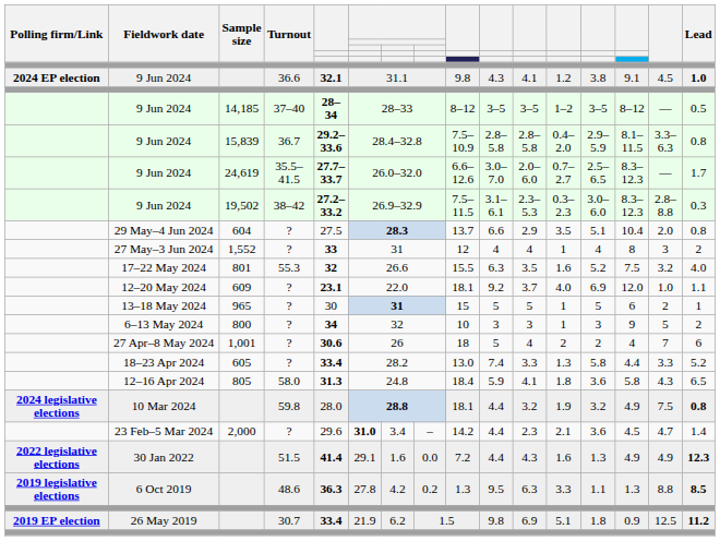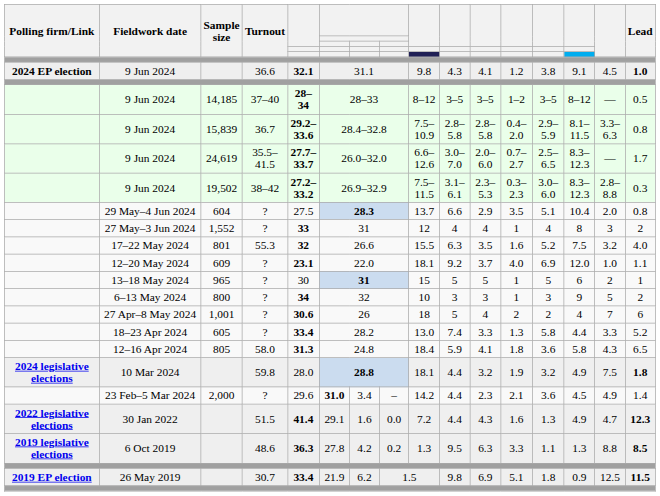 <table class="wikitable sortable mw-datatable" style="text-align:center;font-size:95%;line-height:16px;">
 <tr style="height:42px;">
 <th style="width:130px;" rowspan="5">Polling firm/Link</th>
 <th style="width:140px;" rowspan="5">Fieldwork date</th>
 <th class="unsortable" style="width:45px;" rowspan="5">Sample size</th>
 <th class="unsortable" style="width:45px;" rowspan="5">Turnout</th>
 <th rowspan="3" class="sortable" style="width:35px;"></th>
 <th colspan="3" class="unsortable" style="width:45px;"></th>
 <th rowspan="3" class="sortable" style="width:35px;"></th>
 <th rowspan="3" class="sortable" style="width:35px;"></th>
 <th rowspan="3" class="sortable" style="width:35px;"></th>
 <th rowspan="3" class="sortable" style="width:37px;"></th>
 <th rowspan="3" class="sortable" style="width:37px;"></th>
 <th rowspan="3" class="sortable" style="width:35px;"></th>
 <th class="unsortable" style="width:35px;" rowspan="5"></th>
 <th class="unsortable" style="width:30px;" rowspan="5">Lead</th>
 </tr>
 <tr>
 <th colspan="3" class="unsortable" style="background:"></th>
 </tr>
 <tr>
 <th class="unsortable" style="width:35px;"></th>
 <th class="unsortable" style="width:35px;"></th>
 <th class="unsortable" style="width:35px;"></th>
 </tr>
 <tr>
 <th class="unsortable" style="width:35px;"></th>
 <th class="unsortable" style="width:35px;"></th>
 <th class="unsortable" style="width:35px;"></th>
 <th class="unsortable" style="width:35px;"></th>
 <th class="unsortable" style="width:35px;"></th>
 <th class="unsortable" style="width:35px;"></th>
 <th class="unsortable" style="width:35px;"></th>
 <th class="unsortable" style="width:35px;"></th>
 <th class="unsortable" style="width:36px;"></th>
 <th class="unsortable" style="width:35px;"></th>
 </tr>
 <tr>
 <th class="sortable" style="background:"></th>
 <th class="unsortable" style="color:inherit;background:"></th>
 <th class="unsortable" style="color:inherit;background:"></th>
 <th class="unsortable" style="color:inherit;background:"></th>
 <th class="sortable" style="background:#202056;"></th>
 <th class="sortable" style="background:"></th>
 <th class="sortable" style="background:"></th>
 <th class="sortable" style="background:"></th>
 <th class="sortable" style="background:"></th>
 <th class="sortable" style="background:#00ADEF;"></th>
 </tr>
 <tr>
 <td colspan="16" style="background:#A0A0A0"></td>
 </tr>
 <tr style="background:#EFEFEF">
 <td><strong>2024 EP election</strong></td>
 <td>9 Jun 2024</td>
 <td></td>
 <td>36.6</td>
 <td><strong>32.1</strong><br></td>
 <td colspan="3">31.1<br></td>
 <td>9.8<br></td>
 <td>4.3<br></td>
 <td>4.1<br></td>
 <td>1.2<br></td>
 <td>3.8<br></td>
 <td>9.1<br></td>
 <td>4.5<br></td>
 <td style="background:"><strong>1.0</strong></td>
 </tr>
 <tr>
 <td colspan="16" style="background:#A0A0A0"></td>
 </tr>
 <tr style="background:#EAFFEA">
 <td></td>
 <td>9 Jun 2024</td>
 <td>14,185</td>
 <td>37–40</td>
 <td><strong>28–34</strong><br></td>
 <td colspan="3">28–33<br></td>
 <td>8–12<br></td>
 <td>3–5<br></td>
 <td>3–5<br></td>
 <td>1–2<br></td>
 <td>3–5<br></td>
 <td>8–12<br></td>
 <td>—</td>
 <td style="background:">0.5</td>
 </tr>
 <tr style="background:#EAFFEA">
 <td></td>
 <td>9 Jun 2024</td>
 <td>15,839</td>
 <td>36.7</td>
 <td><strong>29.2–33.6</strong><br></td>
 <td colspan="3">28.4–32.8<br></td>
 <td>7.5–10.9<br></td>
 <td>2.8–5.8<br></td>
 <td>2.8–5.8<br></td>
 <td>0.4–2.0<br></td>
 <td>2.9–5.9<br></td>
 <td>8.1–11.5<br></td>
 <td>3.3–6.3<br></td>
 <td style="background:">0.8</td>
 </tr>
 <tr style="background:#EAFFEA">
 <td></td>
 <td>9 Jun 2024</td>
 <td>24,619</td>
 <td>35.5–41.5</td>
 <td><strong>27.7–33.7</strong><br></td>
 <td colspan="3">26.0–32.0<br></td>
 <td>6.6–12.6<br></td>
 <td>3.0–7.0<br></td>
 <td>2.0–6.0<br></td>
 <td>0.7–2.7<br></td>
 <td>2.5–6.5<br></td>
 <td>8.3–12.3<br></td>
 <td>—</td>
 <td style="background:">1.7</td>
 </tr>
 <tr style="background:#EAFFEA">
 <td></td>
 <td>9 Jun 2024</td>
 <td>19,502</td>
 <td>38–42</td>
 <td><strong>27.2–33.2</strong><br></td>
 <td colspan="3">26.9–32.9<br></td>
 <td>7.5–11.5<br></td>
 <td>3.1–6.1<br></td>
 <td>2.3–5.3<br></td>
 <td>0.3–2.3<br></td>
 <td>3.0–6.0<br></td>
 <td>8.3–12.3<br></td>
 <td>2.8–8.8<br></td>
 <td style="background:">0.3</td>
 </tr>
 <tr>
 <td></td>
 <td data-sort-value="2019-10-03">29 May–4 Jun 2024</td>
 <td>604</td>
 <td>?</td>
 <td>27.5<br></td>
 <td colspan="3" style="background:#CBDCEF"><strong>28.3</strong><br></td>
 <td>13.7<br></td>
 <td>6.6<br></td>
 <td>2.9<br></td>
 <td>3.5<br></td>
 <td>5.1<br></td>
 <td>10.4<br></td>
 <td>2.0<br></td>
 <td style="background:">0.8</td>
 </tr>
 <tr>
 <td></td>
 <td data-sort-value="2019-10-03">27 May–3 Jun 2024</td>
 <td>1,552</td>
 <td>?</td>
 <td><strong>33</strong><br></td>
 <td colspan="3">31<br></td>
 <td>12<br></td>
 <td>4<br></td>
 <td>4<br></td>
 <td>1<br></td>
 <td>4<br></td>
 <td>8<br></td>
 <td>3<br></td>
 <td style="background:">2</td>
 </tr>
 <tr>
 <td></td>
 <td>17–22 May 2024</td>
 <td>801</td>
 <td>55.3</td>
 <td><strong>32</strong><br></td>
 <td colspan="3">26.6<br></td>
 <td>15.5<br></td>
 <td>6.3<br></td>
 <td>3.5<br></td>
 <td>1.6<br></td>
 <td>5.2<br></td>
 <td>7.5<br></td>
 <td>3.2<br></td>
 <td style="background:">4.0</td>
 </tr>
 <tr>
 <td></td>
 <td data-sort-value="2019-10-03">12–20 May 2024</td>
 <td>609</td>
 <td>?</td>
 <td><strong>23.1</strong><br></td>
 <td colspan="3">22.0<br></td>
 <td>18.1<br></td>
 <td>9.2<br></td>
 <td>3.7<br></td>
 <td>4.0<br></td>
 <td>6.9<br></td>
 <td>12.0<br></td>
 <td>1.0<br></td>
 <td style="background:">1.1</td>
 </tr>
 <tr>
 <td></td>
 <td data-sort-value="2019-10-03">13–18 May 2024</td>
 <td>965</td>
 <td>?</td>
 <td>30<br></td>
 <td colspan="3" style="background:#CBDCEF"><strong>31</strong><br></td>
 <td>15<br></td>
 <td>5<br></td>
 <td>5<br></td>
 <td>1<br></td>
 <td>5<br></td>
 <td>6<br></td>
 <td>2<br></td>
 <td style="background:">1</td>
 </tr>
 <tr>
 <td></td>
 <td data-sort-value="2019-10-03">6–13 May 2024</td>
 <td>800</td>
 <td>?</td>
 <td><strong>34</strong><br></td>
 <td colspan="3">32<br></td>
 <td>10<br></td>
 <td>3<br></td>
 <td>3<br></td>
 <td>1<br></td>
 <td>3<br></td>
 <td>9<br></td>
 <td>5<br></td>
 <td style="background:">2</td>
 </tr>
 <tr>
 <td></td>
 <td data-sort-value="2019-10-03">27 Apr–8 May 2024</td>
 <td>1,001</td>
 <td>?</td>
 <td><strong>30.6</strong><br></td>
 <td colspan="3">26<br></td>
 <td>18<br></td>
 <td>5<br></td>
 <td>4<br></td>
 <td>2<br></td>
 <td>2<br></td>
 <td>4<br></td>
 <td>7<br></td>
 <td style="background:">6</td>
 </tr>
 <tr>
 <td></td>
 <td data-sort-value="2019-10-03">18–23 Apr 2024</td>
 <td>605</td>
 <td>?</td>
 <td><strong>33.4</strong><br></td>
 <td colspan="3">28.2<br></td>
 <td>13.0<br></td>
 <td>7.4<br></td>
 <td>3.3<br></td>
 <td>1.3<br></td>
 <td>5.8<br></td>
 <td>4.4<br></td>
 <td>3.3<br></td>
 <td style="background:">5.2</td>
 </tr>
 <tr>
 <td></td>
 <td>12–16 Apr 2024</td>
 <td>805</td>
 <td>58.0</td>
 <td><strong>31.3</strong><br></td>
 <td colspan="3">24.8<br></td>
 <td>18.4<br></td>
 <td>5.9<br></td>
 <td>4.1<br></td>
 <td>1.8<br></td>
 <td>3.6<br></td>
 <td>5.8<br></td>
 <td>4.3<br></td>
 <td style="background:">6.5</td>
 </tr>
 <tr style="background:#EFEFEF;">
 <td><strong><a href='#'>2024 legislative elections</a></strong></td>
 <td data-sort-value="2022-01-30">10 Mar 2024</td>
 <td></td>
 <td>59.8</td>
 <td>28.0<br></td>
 <td colspan="3" style="background:#CBDCEF"><strong>28.8</strong><br></td>
 <td>18.1<br></td>
 <td>4.4<br></td>
 <td>3.2<br></td>
 <td>1.9<br></td>
 <td>3.2<br></td>
 <td>4.9<br></td>
 <td>7.5<br></td>
-<td style="background:"><strong>0.8</strong></td>
+<td style="background:"><strong>1.8</strong></td>
 </tr>
 <tr>
 <td></td>
 <td>23 Feb–5 Mar 2024</td>
 <td>2,000</td>
 <td>?</td>
 <td>29.6<br></td>
 <td><strong>31.0</strong><br></td>
 <td>3.4<br></td>
 <td>–</td>
 <td>14.2<br></td>
 <td>4.4<br></td>
 <td>2.3<br></td>
 <td>2.1<br></td>
 <td>3.6<br></td>
 <td>4.5<br></td>
-<td>4.7<br></td>
+<td>4.9<br></td>
 <td style="background:">1.4</td>
 </tr>
 <tr style="background:#EFEFEF;">
 <td><strong><a href='#'>2022 legislative elections</a></strong></td>
 <td data-sort-value="2022-01-30">30 Jan 2022</td>
 <td></td>
 <td>51.5</td>
 <td><strong>41.4</strong><br></td>
 <td>29.1<br></td>
 <td>1.6<br></td>
 <td>0.0<br></td>
 <td>7.2<br></td>
 <td>4.4<br></td>
 <td>4.3<br></td>
 <td>1.6<br></td>
 <td>1.3<br></td>
 <td>4.9<br></td>
-<td>4.9<br></td>
+<td>4.7<br></td>
 <td style="background:"><strong>12.3</strong></td>
 </tr>
 <tr style="background:#EFEFEF;">
 <td><strong><a href='#'>2019 legislative elections</a></strong></td>
 <td data-sort-value="2019-10-06">6 Oct 2019</td>
 <td></td>
 <td>48.6</td>
 <td><strong>36.3</strong><br></td>
 <td>27.8<br></td>
 <td>4.2<br></td>
 <td>0.2<br></td>
 <td>1.3<br></td>
 <td>9.5<br></td>
 <td>6.3<br></td>
 <td>3.3<br></td>
 <td>1.1<br></td>
 <td>1.3<br></td>
 <td>8.8<br></td>
 <td style="background:"><strong>8.5</strong></td>
 </tr>
 <tr>
 <td colspan="16" style="background:#A0A0A0"></td>
 </tr>
 <tr style="background:#EFEFEF">
 <td><strong><a href='#'>2019 EP election</a></strong></td>
 <td>26 May 2019</td>
 <td></td>
 <td>30.7</td>
 <td><strong>33.4</strong><br></td>
 <td>21.9<br></td>
 <td>6.2<br></td>
 <td colspan=2>1.5<br></td>
 <td>9.8<br></td>
 <td>6.9<br></td>
 <td>5.1<br></td>
 <td>1.8<br></td>
 <td>0.9<br></td>
 <td>12.5<br></td>
-<td style="background:"><strong>11.2</strong></td>
+<td style="background:"><strong>11.5</strong></td>
 </tr>
 <tr>
 <td colspan="16" style="background:#A0A0A0"></td>
 </tr>
 </table>
